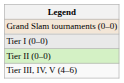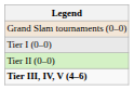 <table class=wikitable style=font-size:90%>
 <tr>
 <th>Legend</th>
 </tr>
 <tr>
 <td style="background:#f3e6d7;">Grand Slam tournaments (0–0)</td>
 </tr>
 <tr>
 <td style="background:#e9e9e9;">Tier I (0–0)</td>
 </tr>
 <tr>
 <td style="background:#d4f1c5;">Tier II (0–0)</td>
 </tr>
 <tr>
-<td>Tier III, IV, V (4–6)</td>
+<td><strong>Tier III, IV, V (4–6)</strong></td>
 </tr>
 </table>
